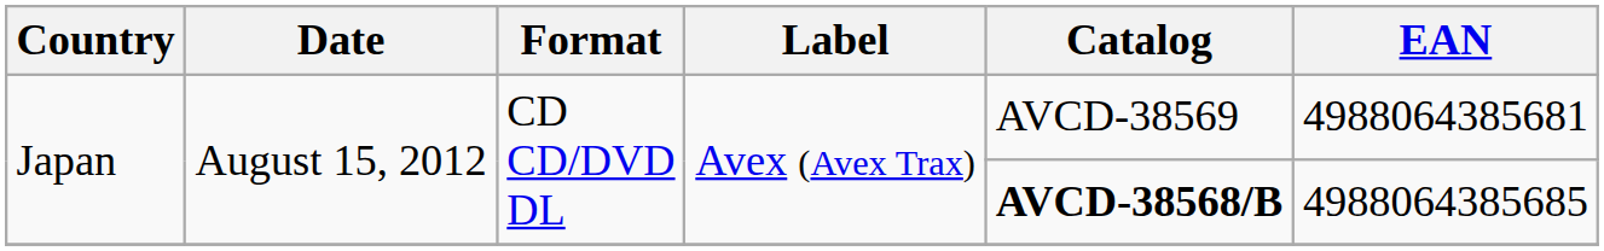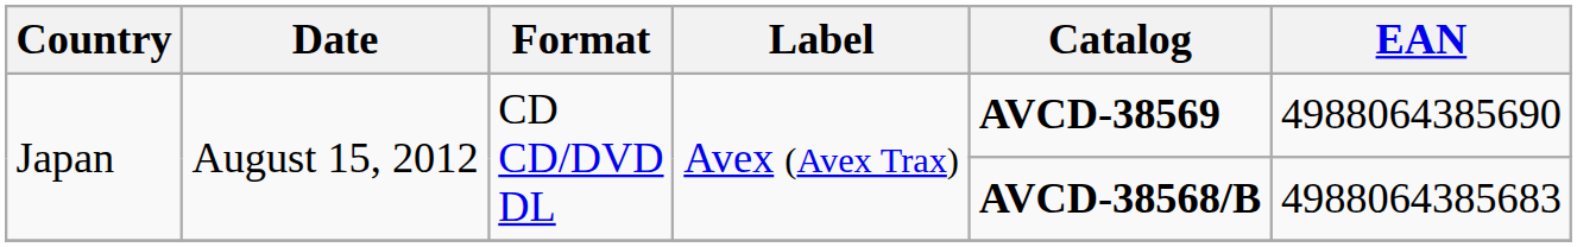 <table class="wikitable">
 <tr>
 <th>Country</th>
 <th>Date</th>
 <th>Format</th>
 <th>Label</th>
 <th>Catalog</th>
 <th><a href='#'>EAN</a></th>
 </tr>
 <tr>
 <td rowspan="2">Japan</td>
 <td rowspan="2">August 15, 2012</td>
 <td rowspan="2">CD<br><a href='#'>CD/DVD</a><br><a href='#'>DL</a></td>
 <td rowspan="2"><a href='#'>Avex</a> <small>(<a href='#'>Avex Trax</a>)</small></td>
-<td>AVCD-38569</td>
-<td>4988064385681</td>
+<td><strong>AVCD-38569</strong></td>
+<td>4988064385690</td>
 </tr>
 <tr>
 <td><strong>AVCD-38568/B</strong></td>
-<td>4988064385685</td>
+<td>4988064385683</td>
 </tr>
 <tr>
 </tr>
 </table>
